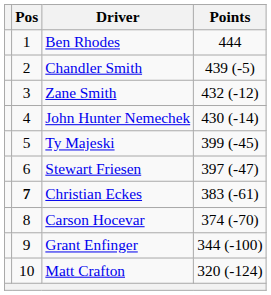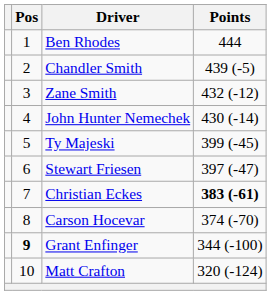 <table class="wikitable" style="font-size: 95%;">
 <tr>
 <th></th>
 <th>Pos</th>
 <th>Driver</th>
 <th>Points</th>
 </tr>
 <tr>
 <td align="left"></td>
 <td style="text-align:center;">1</td>
 <td><a href='#'>Ben Rhodes</a></td>
 <td style="text-align:center;">444</td>
 </tr>
 <tr>
 <td align="left"></td>
 <td style="text-align:center;">2</td>
 <td><a href='#'>Chandler Smith</a></td>
 <td style="text-align:center;">439 (-5)</td>
 </tr>
 <tr>
 <td align="left"></td>
 <td style="text-align:center;">3</td>
 <td><a href='#'>Zane Smith</a></td>
 <td style="text-align:center;">432 (-12)</td>
 </tr>
 <tr>
 <td align="left"></td>
 <td style="text-align:center;">4</td>
 <td><a href='#'>John Hunter Nemechek</a></td>
 <td style="text-align:center;">430 (-14)</td>
 </tr>
 <tr>
 <td align="left"></td>
 <td style="text-align:center;">5</td>
 <td><a href='#'>Ty Majeski</a></td>
 <td style="text-align:center;">399 (-45)</td>
 </tr>
 <tr>
 <td align="left"></td>
 <td style="text-align:center;">6</td>
 <td><a href='#'>Stewart Friesen</a></td>
 <td style="text-align:center;">397 (-47)</td>
 </tr>
 <tr>
 <td align="left"></td>
-<td style="text-align:center;"><strong>7</strong></td>
+<td style="text-align:center;">7</td>
 <td><a href='#'>Christian Eckes</a></td>
-<td style="text-align:center;">383 (-61)</td>
+<td style="text-align:center;"><strong>383 (-61)</strong></td>
 </tr>
 <tr>
 <td align="left"></td>
 <td style="text-align:center;">8</td>
 <td><a href='#'>Carson Hocevar</a></td>
 <td style="text-align:center;">374 (-70)</td>
 </tr>
 <tr>
 <td align="left"></td>
-<td style="text-align:center;">9</td>
+<td style="text-align:center;"><strong>9</strong></td>
 <td><a href='#'>Grant Enfinger</a></td>
 <td style="text-align:center;">344 (-100)</td>
 </tr>
 <tr>
 <td align="left"></td>
 <td style="text-align:center;">10</td>
 <td><a href='#'>Matt Crafton</a></td>
 <td style="text-align:center;">320 (-124)</td>
 </tr>
 <tr class="sortbottom">
 <th colspan="9"></th>
 </tr>
 </table>
